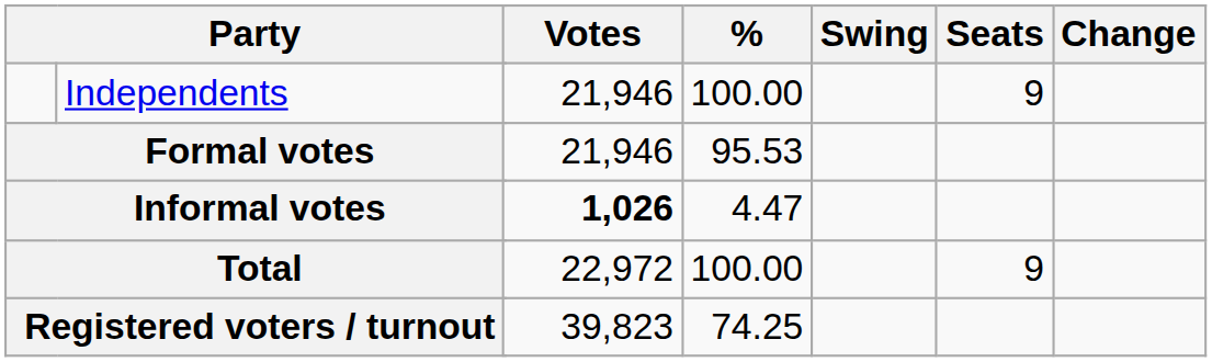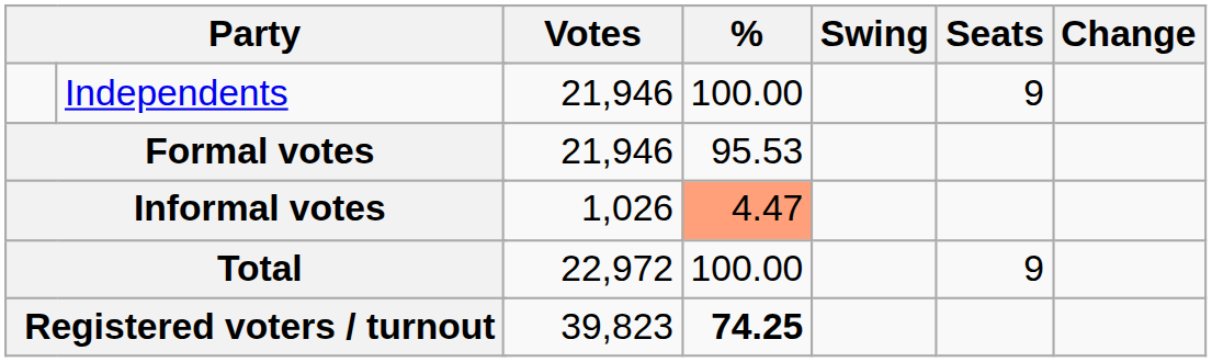 <table class="wikitable" style="text-align:right; margin-bottom:0">
 <tr>
 <th style="width:10px" colspan=3>Party</th>
 <th style="width:70px;">Votes</th>
 <th style="width:40px;">%</th>
 <th style="width:40px;">Swing</th>
 <th style="width:40px;">Seats</th>
 <th style="width:40px;">Change</th>
 </tr>
 <tr>
 <td> </td>
 <td style="text-align:left;" colspan="2"><a href='#'>Independents</a></td>
 <td>21,946</td>
 <td>100.00</td>
 <td></td>
 <td>9</td>
 <td></td>
 </tr>
 <tr>
 <th colspan="3" rowspan="1"> Formal votes</th>
 <td>21,946</td>
 <td>95.53</td>
 <td></td>
 <td></td>
 <td></td>
 </tr>
 <tr>
 <th colspan="3" rowspan="1"> Informal votes</th>
-<td><strong>1,026</strong></td>
-<td>4.47</td>
+<td>1,026</td>
+<td style="background: lightsalmon;">4.47</td>
 <td></td>
 <td></td>
 <td></td>
 </tr>
 <tr>
 <th colspan="3" rowspan="1"> Total</th>
 <td>22,972</td>
 <td>100.00</td>
 <td></td>
 <td>9</td>
 <td></td>
 </tr>
 <tr>
 <th colspan="3" rowspan="1"> Registered voters / turnout</th>
 <td>39,823</td>
-<td>74.25</td>
+<td><strong>74.25</strong></td>
 <td></td>
 <td></td>
 <td></td>
 </tr>
 </table>
